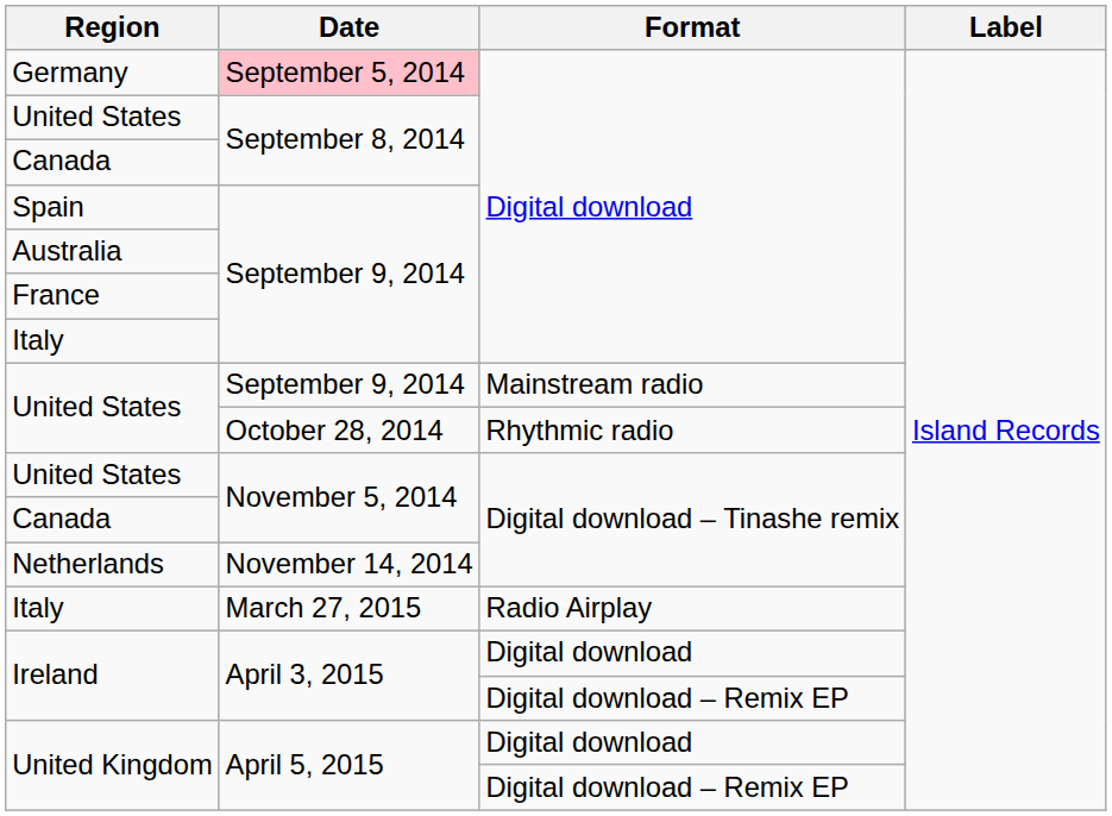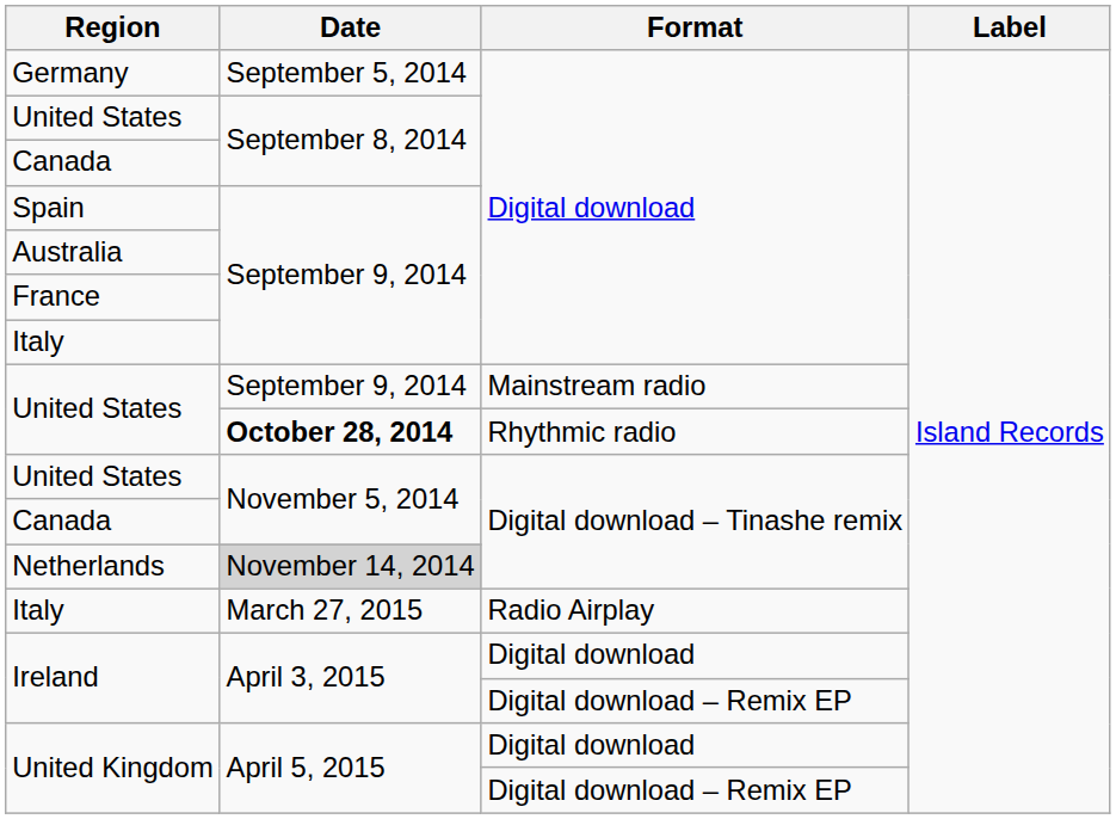 <table class=wikitable>
 <tr>
 <th>Region</th>
 <th>Date</th>
 <th>Format</th>
 <th>Label</th>
 </tr>
 <tr>
 <td>Germany</td>
-<td style="background: pink;">September 5, 2014</td>
+<td>September 5, 2014</td>
 <td rowspan="7"><a href='#'>Digital download</a></td>
 <td rowspan="17"><a href='#'>Island Records</a></td>
 </tr>
 <tr>
 <td>United States</td>
 <td rowspan="2">September 8, 2014</td>
 </tr>
 <tr>
 <td>Canada</td>
 </tr>
 <tr>
 <td>Spain</td>
 <td rowspan="4">September 9, 2014</td>
 </tr>
 <tr>
 <td>Australia</td>
 </tr>
 <tr>
 <td>France</td>
 </tr>
 <tr>
 <td>Italy</td>
 </tr>
 <tr>
 <td rowspan="2">United States</td>
 <td>September 9, 2014</td>
 <td>Mainstream radio</td>
 </tr>
 <tr>
-<td>October 28, 2014</td>
+<td><strong>October 28, 2014</strong></td>
 <td>Rhythmic radio</td>
 </tr>
 <tr>
 <td>United States</td>
 <td rowspan="2">November 5, 2014</td>
 <td rowspan="3">Digital download – Tinashe remix</td>
 </tr>
 <tr>
 <td>Canada</td>
 </tr>
 <tr>
 <td>Netherlands</td>
-<td>November 14, 2014</td>
+<td style="background: lightgrey;">November 14, 2014</td>
 </tr>
 <tr>
 <td>Italy</td>
 <td>March 27, 2015</td>
 <td>Radio Airplay</td>
 </tr>
 <tr>
 <td rowspan="2">Ireland</td>
 <td rowspan="2">April 3, 2015</td>
 <td>Digital download</td>
 </tr>
 <tr>
 <td>Digital download – Remix EP</td>
 </tr>
 <tr>
 <td rowspan="2">United Kingdom</td>
 <td rowspan="2">April 5, 2015</td>
 <td>Digital download</td>
 </tr>
 <tr>
 <td>Digital download – Remix EP</td>
 </tr>
 </table>
